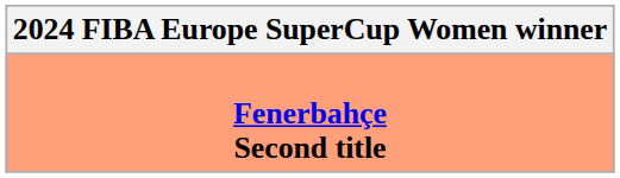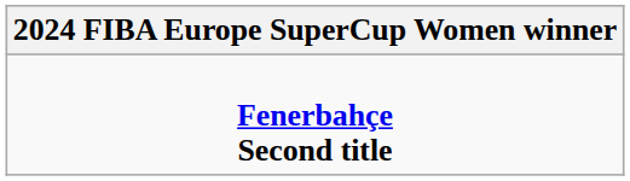 <table class=wikitable style="text-align:center; margin:auto">
 <tr>
 <th>2024 FIBA Europe SuperCup Women winner</th>
 </tr>
 <tr>
-<td style="background: lightsalmon;"><br><strong><a href='#'>Fenerbahçe</a></strong><br><strong>Second title</strong></td>
+<td><br><strong><a href='#'>Fenerbahçe</a></strong><br><strong>Second title</strong></td>
 </tr>
 </table>
